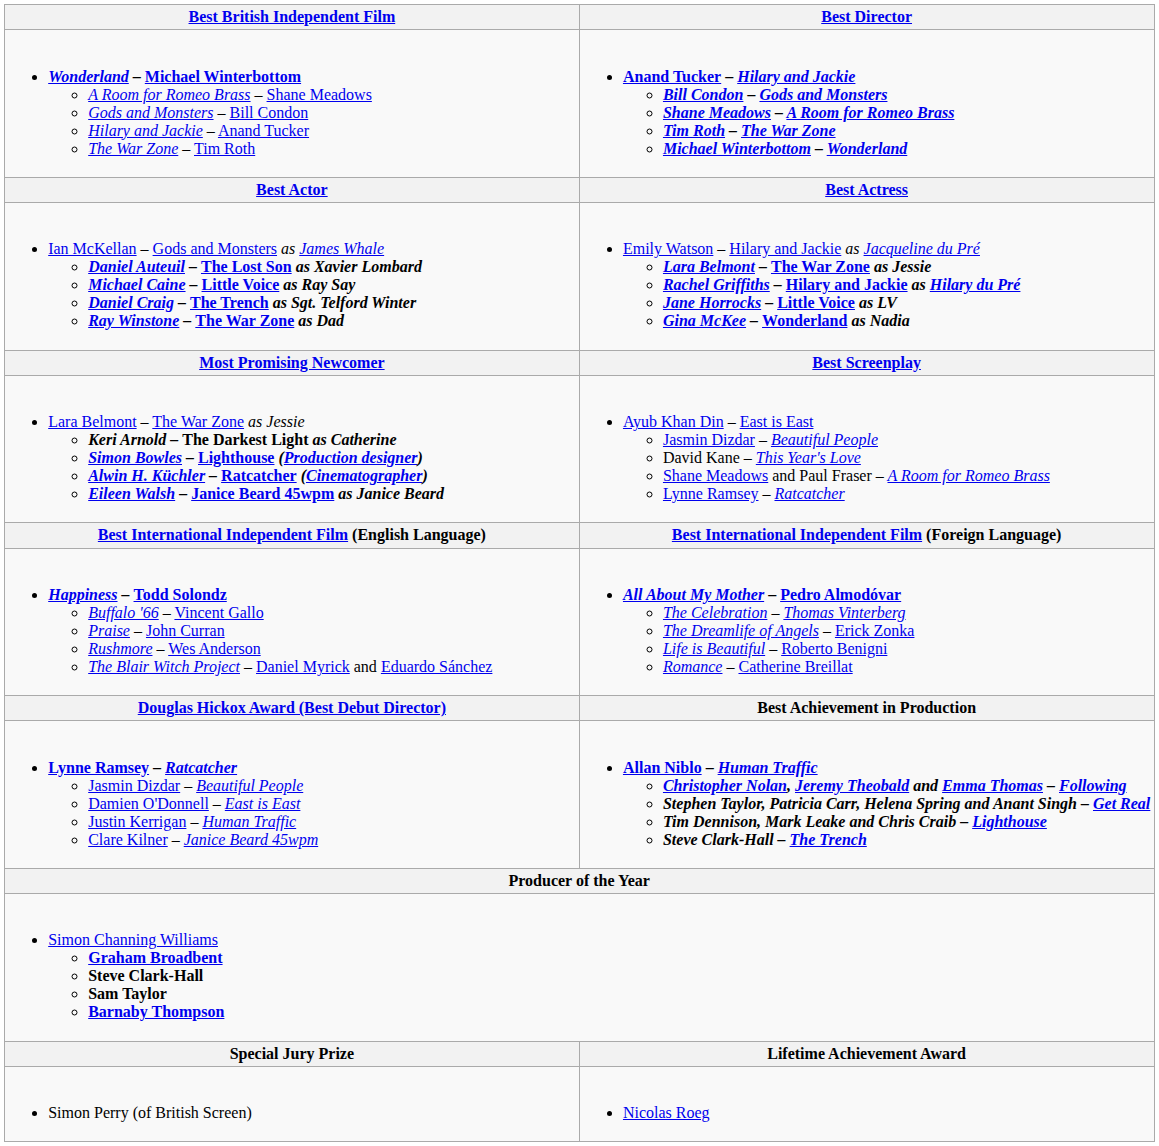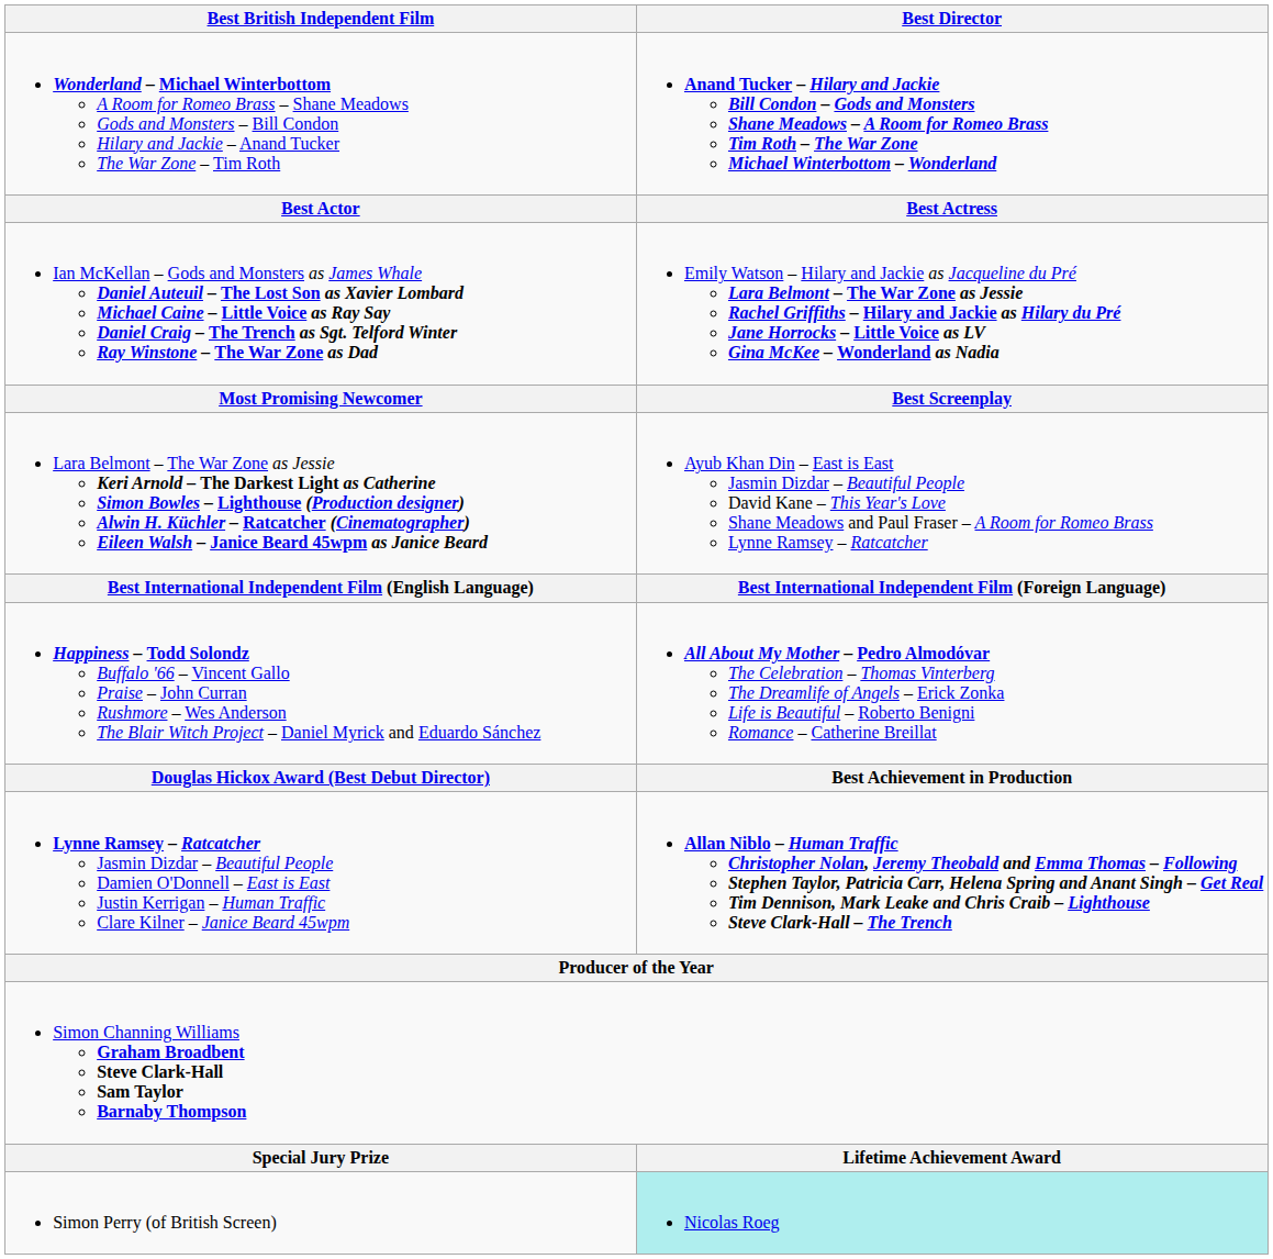 <table class="wikitable">
 <tr>
 <th width="50%"><a href='#'>Best British Independent Film</a></th>
 <th width="50%"><a href='#'>Best Director</a></th>
 </tr>
 <tr>
 <td valign="top"><br><ul><li><strong><em><a href='#'>Wonderland</a></em></strong> <strong>– <a href='#'>Michael Winterbottom</a></strong><ul><li><em><a href='#'>A Room for Romeo Brass</a></em> – <a href='#'>Shane Meadows</a></li><li><em><a href='#'>Gods and Monsters</a></em> – <a href='#'>Bill Condon</a></li><li><em><a href='#'>Hilary and Jackie</a></em> – <a href='#'>Anand Tucker</a></li><li><em><a href='#'>The War Zone</a></em> – <a href='#'>Tim Roth</a></li></ul></li></ul></td>
 <td valign="top"><br><ul><li><strong><a href='#'>Anand Tucker</a></strong> <strong>– <em><a href='#'>Hilary and Jackie</a><strong><em><ul><li><a href='#'>Bill Condon</a> – <a href='#'></em>Gods and Monsters<em></a></li><li><a href='#'>Shane Meadows</a> – </em><a href='#'>A Room for Romeo Brass</a><em></li><li><a href='#'>Tim Roth</a> – </em><a href='#'>The War Zone</a><em></li><li><a href='#'>Michael Winterbottom</a> – <a href='#'></em>Wonderland<em></a></li></ul></li></ul></td>
 </tr>
 <tr>
 <th width="50%"><a href='#'>Best Actor</a></th>
 <th width="50%"><a href='#'>Best Actress</a></th>
 </tr>
 <tr>
 <td valign="top"><br><ul><li></strong><a href='#'>Ian McKellan</a> – <a href='#'></em>Gods and Monsters<em></a> as <a href='#'>James Whale</a><strong><ul><li><a href='#'>Daniel Auteuil</a> – </em><a href='#'>The Lost Son</a><em> as Xavier Lombard</li><li><a href='#'>Michael Caine</a> – </em><a href='#'>Little Voice</a><em> as Ray Say</li><li><a href='#'>Daniel Craig</a> – </em><a href='#'>The Trench</a><em> as Sgt. Telford Winter</li><li><a href='#'>Ray Winstone</a> – </em><a href='#'>The War Zone</a><em> as Dad</li></ul></li></ul></td>
 <td valign="top"><br><ul><li></strong><a href='#'>Emily Watson</a> – </em><a href='#'>Hilary and Jackie</a><em> as <a href='#'>Jacqueline du Pré</a><strong><ul><li><a href='#'>Lara Belmont</a> – </em><a href='#'>The War Zone</a><em> as Jessie</li><li><a href='#'>Rachel Griffiths</a> – </em><a href='#'>Hilary and Jackie</a><em> as <a href='#'>Hilary du Pré</a></li><li><a href='#'>Jane Horrocks</a> – <a href='#'></em>Little Voice<em></a> as LV</li><li><a href='#'>Gina McKee</a> – <a href='#'></em>Wonderland<em></a> as Nadia</li></ul></li></ul></td>
 </tr>
 <tr>
 <th width="50%"><a href='#'>Most Promising Newcomer</a></th>
 <th width="50%"><a href='#'>Best Screenplay</a></th>
 </tr>
 <tr>
 <td valign="top"><br><ul><li></strong><a href='#'>Lara Belmont</a> – </em><a href='#'>The War Zone</a><em> as Jessie<strong><ul><li>Keri Arnold – </em>The Darkest Light<em> as Catherine</li><li><a href='#'>Simon Bowles</a> – </em><a href='#'>Lighthouse</a><em> (<a href='#'>Production designer</a>)</li><li><a href='#'>Alwin H. Küchler</a> – </em><a href='#'>Ratcatcher</a><em> (<a href='#'>Cinematographer</a>)</li><li><a href='#'>Eileen Walsh</a> – </em><a href='#'>Janice Beard 45wpm</a><em> as Janice Beard</li></ul></li></ul></td>
 <td valign="top"><br><ul><li></strong><a href='#'>Ayub Khan Din</a> </em>– <a href='#'>East is East</a></em></strong><ul><li><a href='#'>Jasmin Dizdar</a> <em>– <a href='#'>Beautiful People</a></em></li><li>David Kane <em>– <a href='#'>This Year's Love</a></em></li><li><a href='#'>Shane Meadows</a> and Paul Fraser <em>– <a href='#'>A Room for Romeo Brass</a></em></li><li><a href='#'>Lynne Ramsey</a> <em>– <a href='#'>Ratcatcher</a></em></li></ul></li></ul></td>
 </tr>
 <tr>
 <th width="50%"><a href='#'>Best International Independent Film</a> (English Language)</th>
 <th width="50%"><a href='#'>Best International Independent Film</a> (Foreign Language)</th>
 </tr>
 <tr>
 <td valign="top"><br><ul><li><strong><em><a href='#'>Happiness</a></em></strong> <strong><em>–</em></strong> <strong><a href='#'>Todd Solondz</a></strong><ul><li><em><a href='#'>Buffalo '66</a></em> – <a href='#'>Vincent Gallo</a></li><li><em><a href='#'>Praise</a></em> – <a href='#'>John Curran</a></li><li><em><a href='#'>Rushmore</a></em> – <a href='#'>Wes Anderson</a></li><li><em><a href='#'>The Blair Witch Project</a></em> – <a href='#'>Daniel Myrick</a> and <a href='#'>Eduardo Sánchez</a></li></ul></li></ul></td>
 <td valign="top"><br><ul><li><strong><em><a href='#'>All About My Mother</a></em></strong> <strong>– <a href='#'>Pedro Almodóvar</a></strong><ul><li><em><a href='#'>The Celebration</a></em> <em>– <a href='#'>Thomas Vinterberg</a></em></li><li><em><a href='#'>The Dreamlife of Angels</a></em> <em>–</em> <a href='#'>Erick Zonka</a></li><li><em><a href='#'>Life is Beautiful</a></em> – <a href='#'>Roberto Benigni</a></li><li><em><a href='#'>Romance</a></em> – <a href='#'>Catherine Breillat</a></li></ul></li></ul></td>
 </tr>
 <tr>
 <th width="50%"><a href='#'>Douglas Hickox Award (Best Debut Director)</a></th>
 <th width="50%">Best Achievement in Production</th>
 </tr>
 <tr>
 <td valign="top"><br><ul><li><strong><a href='#'>Lynne Ramsey</a> – <a href='#'><em>Ratcatcher</em></a></strong><ul><li><a href='#'>Jasmin Dizdar</a> – <a href='#'><em>Beautiful People</em></a></li><li><a href='#'>Damien O'Donnell</a> – <a href='#'><em>East is East</em></a></li><li><a href='#'>Justin Kerrigan</a> – <em><a href='#'>Human Traffic</a></em></li><li><a href='#'>Clare Kilner</a> – <a href='#'><em>Janice Beard 45wpm</em></a></li></ul></li></ul></td>
 <td valign="top"><br><ul><li><strong><a href='#'>Allan Niblo</a> – <em><a href='#'>Human Traffic</a><strong><em><ul><li><a href='#'>Christopher Nolan</a>, <a href='#'>Jeremy Theobald</a> and <a href='#'>Emma Thomas</a> – </em><a href='#'>Following</a><em></li><li>Stephen Taylor, Patricia Carr, Helena Spring and Anant Singh – </em><a href='#'>Get Real</a><em></li><li>Tim Dennison, Mark Leake and Chris Craib – <a href='#'></em>Lighthouse<em></a></li><li>Steve Clark-Hall – <a href='#'></em>The Trench<em></a></li></ul></li></ul></td>
 </tr>
 <tr>
 <th colspan="2" width="50%">Producer of the Year</strong><strong></th>
 </tr>
 <tr>
 <td colspan="2" valign="top"><br><ul><li></strong><a href='#'>Simon Channing Williams</a><strong></strong><strong><ul><li><a href='#'>Graham Broadbent</a></li><li>Steve Clark-Hall</li><li>Sam Taylor</li><li><a href='#'>Barnaby Thompson</a></li></ul></li></ul></td>
 </tr>
 <tr>
 <th width="50%">Special Jury Prize</th>
 <th>Lifetime Achievement Award</th>
 </tr>
 <tr>
 <td valign="top"><br><ul><li>Simon Perry (of British Screen)</li></ul></td>
-<td><br><ul><li><a href='#'>Nicolas Roeg</a></li></ul></td>
+<td style="background: paleturquoise;"><br><ul><li><a href='#'>Nicolas Roeg</a></li></ul></td>
 </tr>
 </table>
